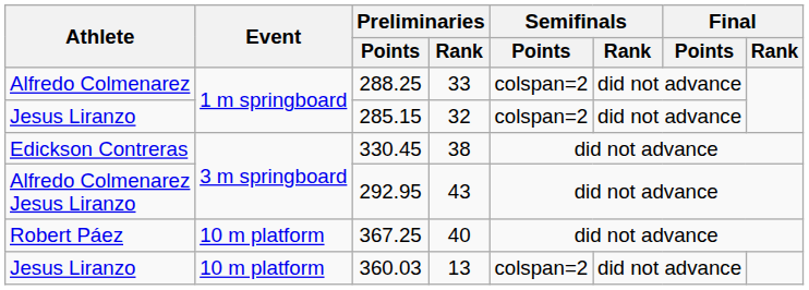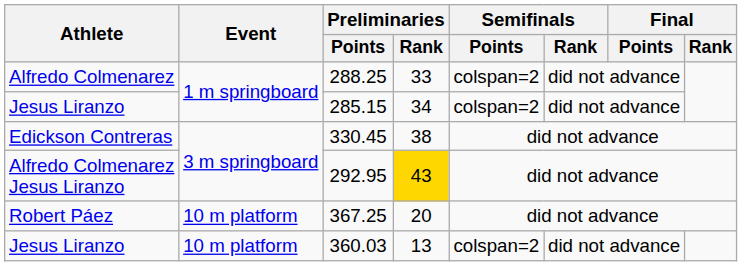 <table class=wikitable style="font-size:90%;">
 <tr>
 <th rowspan="2">Athlete</th>
 <th rowspan="2">Event</th>
 <th colspan="2">Preliminaries</th>
 <th colspan="2">Semifinals</th>
 <th colspan="2">Final</th>
 </tr>
 <tr style="font-size:95%">
 <th>Points</th>
 <th>Rank</th>
 <th>Points</th>
 <th>Rank</th>
 <th>Points</th>
 <th>Rank</th>
 </tr>
 <tr align=center>
 <td align=left><a href='#'>Alfredo Colmenarez</a></td>
 <td align=left rowspan=2><a href='#'>1 m springboard</a></td>
 <td>288.25</td>
 <td>33</td>
 <td>colspan=2 </td>
 <td colspan=2>did not advance</td>
 </tr>
 <tr align=center>
 <td align=left><a href='#'>Jesus Liranzo</a></td>
 <td>285.15</td>
-<td>32</td>
+<td>34</td>
 <td>colspan=2 </td>
 <td colspan=2>did not advance</td>
 </tr>
 <tr align=center>
 <td align=left><a href='#'>Edickson Contreras</a></td>
 <td align=left rowspan=2><a href='#'>3 m springboard</a></td>
 <td>330.45</td>
 <td>38</td>
 <td colspan=4>did not advance</td>
 </tr>
 <tr align=center>
 <td align=left><a href='#'>Alfredo Colmenarez</a><br><a href='#'>Jesus Liranzo</a></td>
 <td>292.95</td>
-<td>43</td>
+<td style="background: gold;">43</td>
 <td colspan=4>did not advance</td>
 </tr>
 <tr align=center>
 <td align=left><a href='#'>Robert Páez</a></td>
 <td align=left><a href='#'>10 m platform</a></td>
 <td>367.25</td>
-<td>40</td>
+<td>20</td>
 <td colspan=4>did not advance</td>
 </tr>
 <tr align=center>
 <td align=left><a href='#'>Jesus Liranzo</a></td>
 <td align=left><a href='#'>10 m platform</a></td>
 <td>360.03</td>
 <td>13</td>
 <td>colspan=2 </td>
 <td colspan=2>did not advance</td>
 </tr>
 </table>
